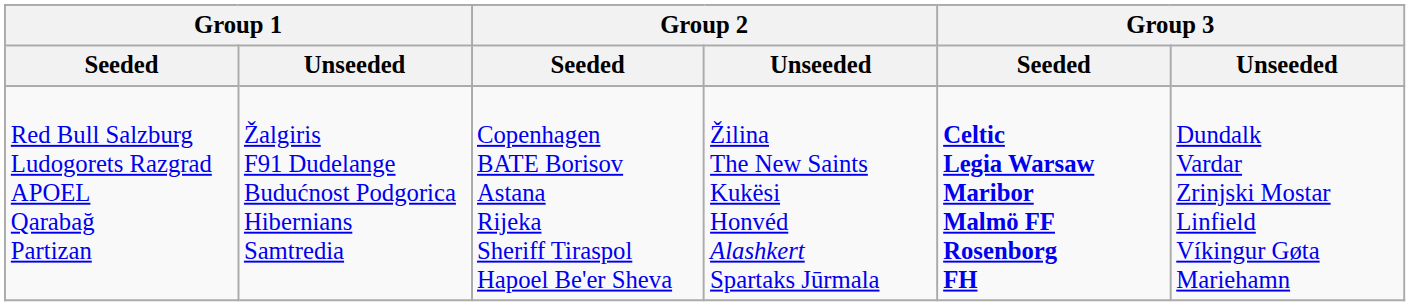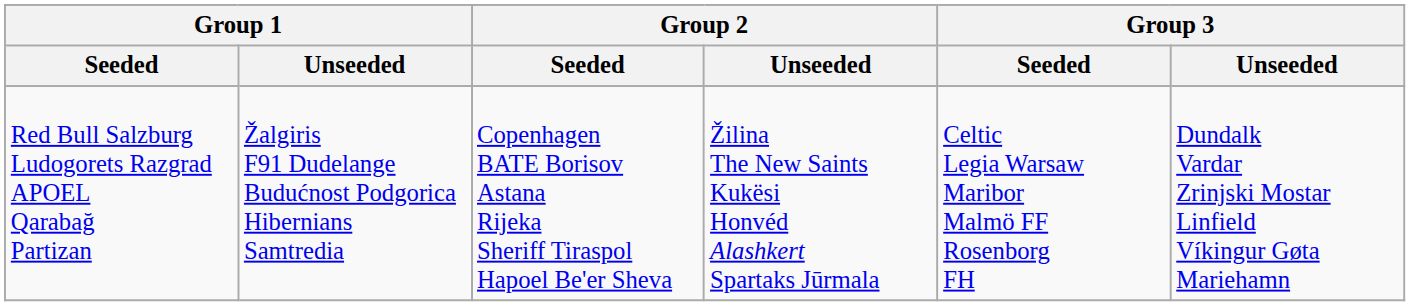 <table class="wikitable" style="font-size:80%">
 <tr>
 <th colspan=2>Group 1</th>
 <th colspan=2>Group 2</th>
 <th colspan=2>Group 3</th>
 </tr>
 <tr>
 <th width=16%>Seeded</th>
 <th width=16%>Unseeded</th>
 <th width=16%>Seeded</th>
 <th width=16%>Unseeded</th>
 <th width=16%>Seeded</th>
 <th width=16%>Unseeded</th>
 </tr>
 <tr>
 <td valign=top><br> <a href='#'>Red Bull Salzburg</a><br>  <a href='#'>Ludogorets Razgrad</a><br>  <a href='#'>APOEL</a><br>  <a href='#'>Qarabağ</a><br>  <a href='#'>Partizan</a></td>
 <td valign=top><br> <a href='#'>Žalgiris</a><br>  <a href='#'>F91 Dudelange</a><br>  <a href='#'>Budućnost Podgorica</a><br>  <a href='#'>Hibernians</a><br>  <a href='#'>Samtredia</a></td>
 <td valign=top><br> <a href='#'>Copenhagen</a><br>  <a href='#'>BATE Borisov</a><br>  <a href='#'>Astana</a><br>  <a href='#'>Rijeka</a><br>  <a href='#'>Sheriff Tiraspol</a><br>  <a href='#'>Hapoel Be'er Sheva</a></td>
 <td valign=top><br> <a href='#'>Žilina</a><br>  <a href='#'>The New Saints</a><br>  <a href='#'>Kukësi</a><br>  <a href='#'>Honvéd</a><br>  <em><a href='#'>Alashkert</a></em><br>  <a href='#'>Spartaks Jūrmala</a></td>
-<td valign=top><strong><br> <a href='#'>Celtic</a><br>  <a href='#'>Legia Warsaw</a><br>  <a href='#'>Maribor</a><br>  <a href='#'>Malmö FF</a><br>  <a href='#'>Rosenborg</a><br>  <a href='#'>FH</a></strong></td>
+<td valign=top><br> <a href='#'>Celtic</a><br>  <a href='#'>Legia Warsaw</a><br>  <a href='#'>Maribor</a><br>  <a href='#'>Malmö FF</a><br>  <a href='#'>Rosenborg</a><br>  <a href='#'>FH</a></td>
 <td valign=top><br> <a href='#'>Dundalk</a><br>  <a href='#'>Vardar</a><br>  <a href='#'>Zrinjski Mostar</a><br>  <a href='#'>Linfield</a><br>  <a href='#'>Víkingur Gøta</a><br>  <a href='#'>Mariehamn</a></td>
 </tr>
 </table>
